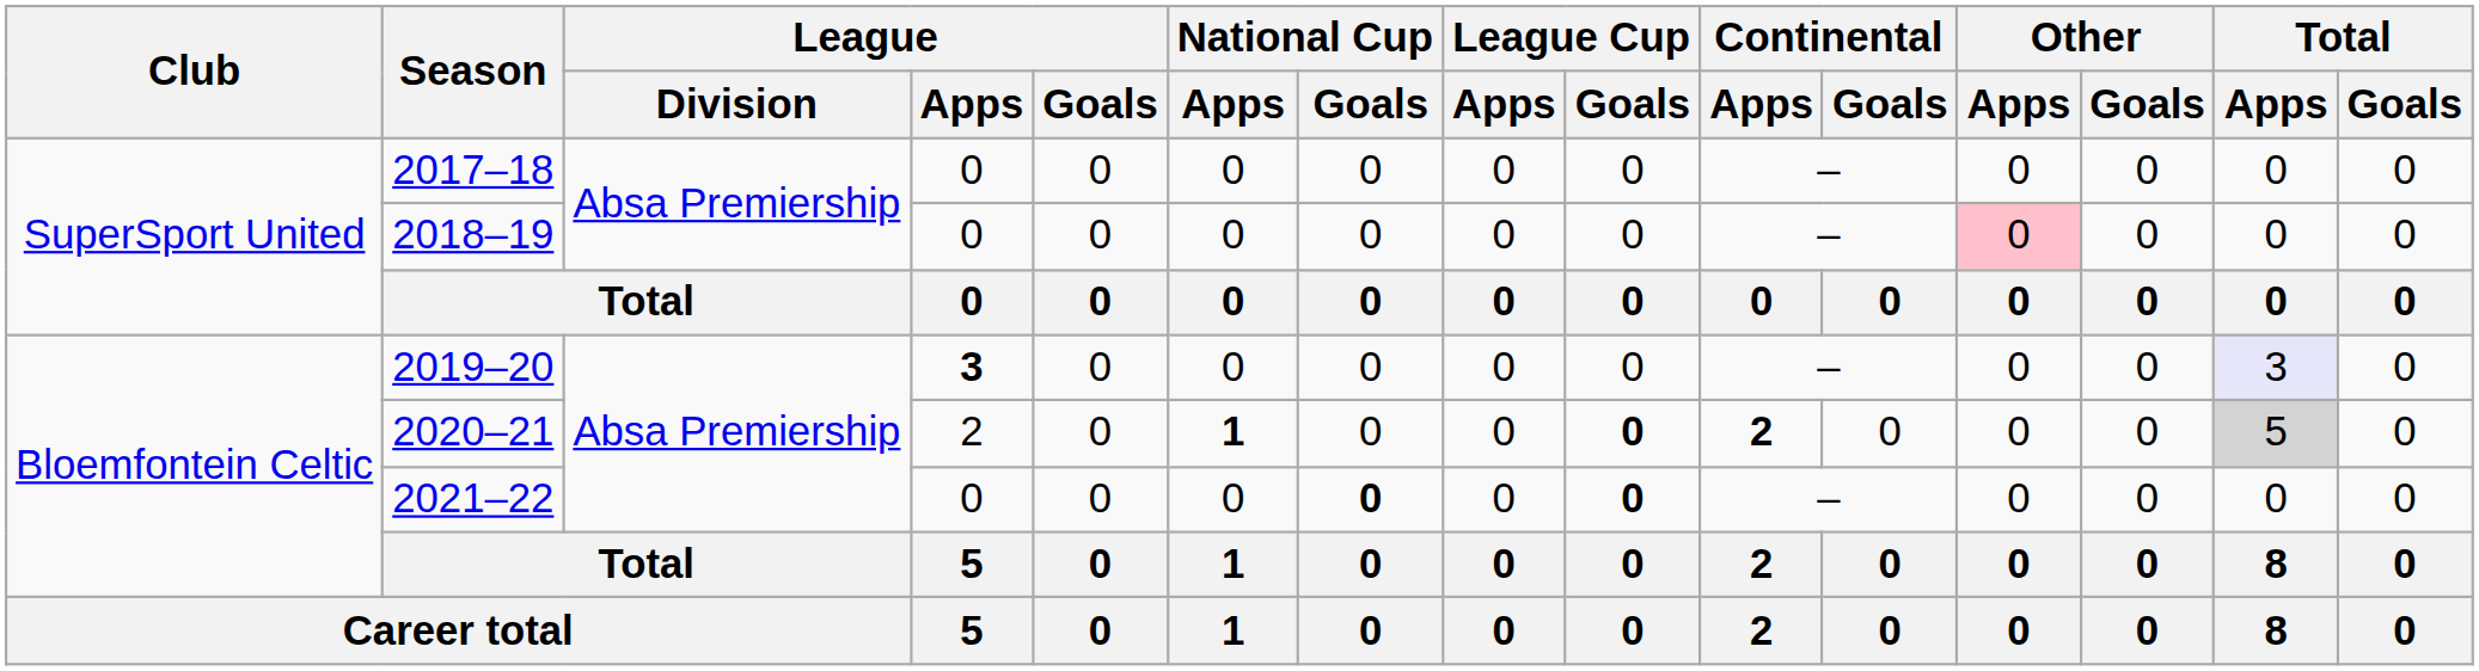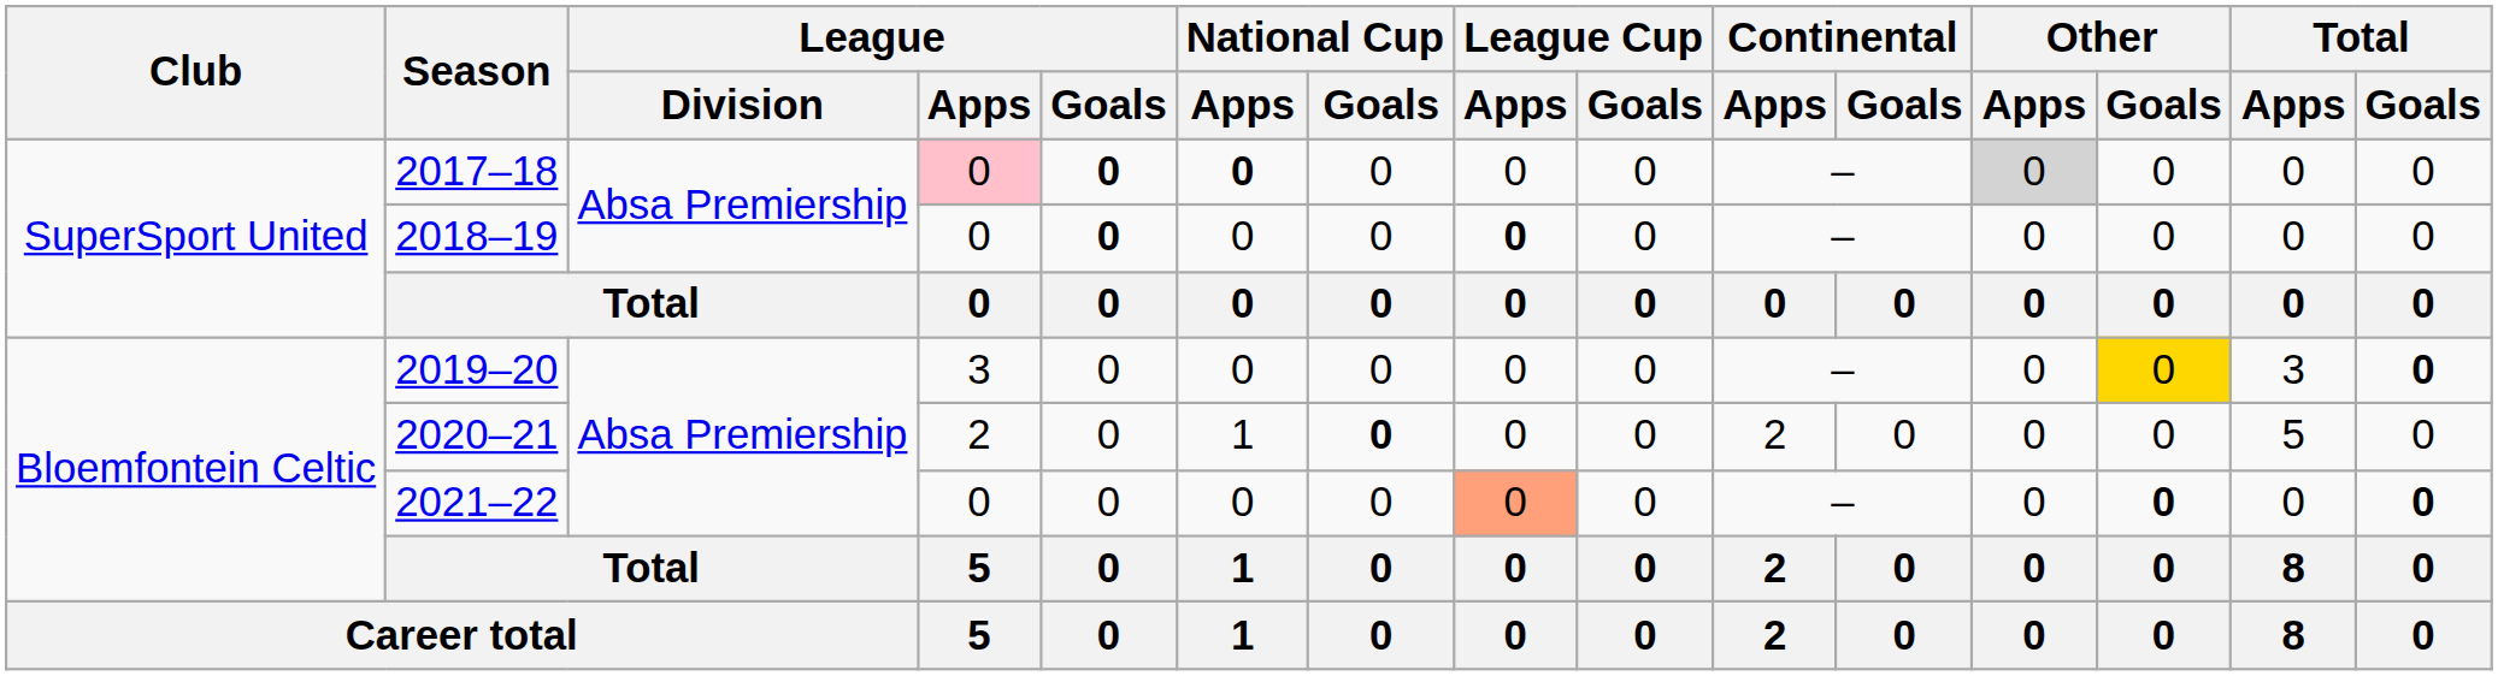 <table class="wikitable" style="text-align: center">
 <tr>
 <th rowspan="2">Club</th>
 <th rowspan="2">Season</th>
 <th colspan="3">League</th>
 <th colspan="2">National Cup</th>
 <th colspan="2">League Cup</th>
 <th colspan="2">Continental</th>
 <th colspan="2">Other</th>
 <th colspan="2">Total</th>
 </tr>
 <tr>
 <th>Division</th>
 <th>Apps</th>
 <th>Goals</th>
 <th>Apps</th>
 <th>Goals</th>
 <th>Apps</th>
 <th>Goals</th>
 <th>Apps</th>
 <th>Goals</th>
 <th>Apps</th>
 <th>Goals</th>
 <th>Apps</th>
 <th>Goals</th>
 </tr>
 <tr>
 <td rowspan="3"><a href='#'>SuperSport United</a></td>
 <td><a href='#'>2017–18</a></td>
 <td rowspan="2"><a href='#'>Absa Premiership</a></td>
-<td>0</td>
-<td>0</td>
-<td>0</td>
+<td style="background: pink;">0</td>
+<td><strong>0</strong></td>
+<td><strong>0</strong></td>
 <td>0</td>
 <td>0</td>
 <td>0</td>
 <td colspan="2">–</td>
-<td>0</td>
+<td style="background: lightgrey;">0</td>
 <td>0</td>
 <td>0</td>
 <td>0</td>
 </tr>
 <tr>
 <td><a href='#'>2018–19</a></td>
 <td>0</td>
+<td><strong>0</strong></td>
 <td>0</td>
 <td>0</td>
-<td>0</td>
-<td>0</td>
+<td><strong>0</strong></td>
 <td>0</td>
 <td colspan="2">–</td>
-<td style="background: pink;">0</td>
+<td>0</td>
 <td>0</td>
 <td>0</td>
 <td>0</td>
 </tr>
 <tr>
 <th colspan=2>Total</th>
 <th>0</th>
 <th>0</th>
 <th>0</th>
 <th>0</th>
 <th>0</th>
 <th>0</th>
 <th>0</th>
 <th>0</th>
 <th>0</th>
 <th>0</th>
 <th>0</th>
 <th>0</th>
 </tr>
 <tr>
 <td rowspan="4"><a href='#'>Bloemfontein Celtic</a></td>
 <td><a href='#'>2019–20</a></td>
 <td rowspan="3"><a href='#'>Absa Premiership</a></td>
-<td><strong>3</strong></td>
+<td>3</td>
 <td>0</td>
 <td>0</td>
 <td>0</td>
 <td>0</td>
 <td>0</td>
 <td colspan="2">–</td>
 <td>0</td>
-<td>0</td>
-<td style="background: lavender;">3</td>
-<td>0</td>
+<td style="background: gold;">0</td>
+<td>3</td>
+<td><strong>0</strong></td>
 </tr>
 <tr>
 <td><a href='#'>2020–21</a></td>
 <td>2</td>
 <td>0</td>
-<td><strong>1</strong></td>
+<td>1</td>
+<td><strong>0</strong></td>
 <td>0</td>
 <td>0</td>
-<td><strong>0</strong></td>
-<td><strong>2</strong></td>
+<td>2</td>
 <td>0</td>
 <td>0</td>
 <td>0</td>
-<td style="background: lightgrey;">5</td>
+<td>5</td>
 <td>0</td>
 </tr>
 <tr>
 <td><a href='#'>2021–22</a></td>
 <td>0</td>
 <td>0</td>
 <td>0</td>
+<td>0</td>
+<td style="background: lightsalmon;">0</td>
+<td>0</td>
+<td colspan="2">–</td>
+<td>0</td>
 <td><strong>0</strong></td>
 <td>0</td>
 <td><strong>0</strong></td>
-<td colspan="2">–</td>
-<td>0</td>
-<td>0</td>
-<td>0</td>
-<td>0</td>
 </tr>
 <tr>
 <th colspan=2>Total</th>
 <th>5</th>
 <th>0</th>
 <th>1</th>
 <th>0</th>
 <th>0</th>
 <th>0</th>
 <th>2</th>
 <th>0</th>
 <th>0</th>
 <th>0</th>
 <th>8</th>
 <th>0</th>
 </tr>
 <tr>
 <th colspan=3>Career total</th>
 <th>5</th>
 <th>0</th>
 <th>1</th>
 <th>0</th>
 <th>0</th>
 <th>0</th>
 <th>2</th>
 <th>0</th>
 <th>0</th>
 <th>0</th>
 <th>8</th>
 <th>0</th>
 </tr>
 </table>
